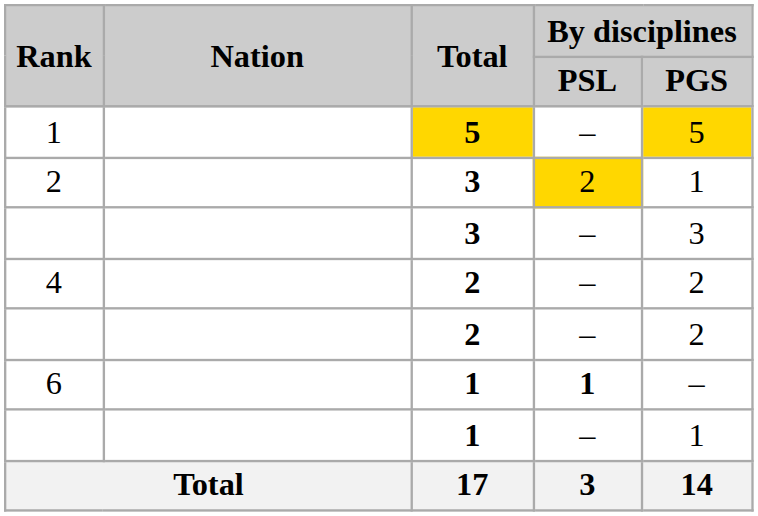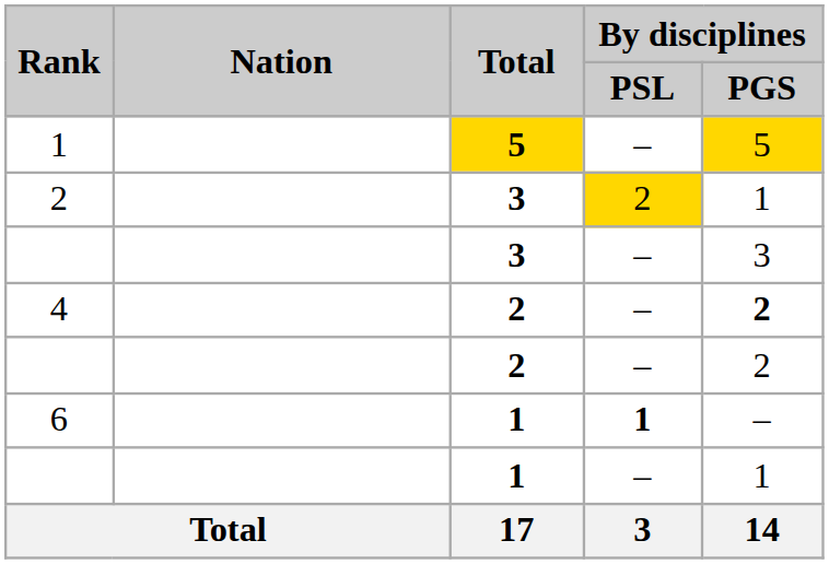 <table class="wikitable plainrowheaders" style="background:#fff; font-size:86%; line-height:15px; border:grey solid 1px; border-collapse:collapse">
 <tr style="background:#ccc; text-align:center;">
 <th style="background-color: #ccc;" width="35" rowspan="2">Rank</th>
 <th style="background-color: #ccc;" width="125" rowspan="2">Nation</th>
 <th style="background-color: #ccc;" rowspan="2 "width="45">Total</th>
 <th style="background-color: #ccc;" colspan="2">By disciplines</th>
 </tr>
 <tr>
 <th style="background-color: #ccc;" width="40">PSL</th>
 <th style="background-color: #ccc;" width="40">PGS</th>
 </tr>
 <tr align=center>
 <td>1</td>
 <td align=left></td>
 <td bgcolor=gold><strong>5</strong></td>
 <td>–</td>
 <td bgcolor=gold>5</td>
 </tr>
 <tr align=center>
 <td>2</td>
 <td align=left></td>
 <td><strong>3</strong></td>
 <td bgcolor=gold>2</td>
 <td>1</td>
 </tr>
 <tr align=center>
 <td></td>
 <td align=left></td>
 <td><strong>3</strong></td>
 <td>–</td>
 <td>3</td>
 </tr>
 <tr align=center>
 <td>4</td>
 <td align=left></td>
 <td><strong>2</strong></td>
 <td>–</td>
-<td>2</td>
+<td><strong>2</strong></td>
 </tr>
 <tr align=center>
 <td></td>
 <td align=left></td>
 <td><strong>2</strong></td>
 <td>–</td>
 <td>2</td>
 </tr>
 <tr align=center>
 <td>6</td>
 <td align=left></td>
 <td><strong>1</strong></td>
 <td><strong>1</strong></td>
 <td>–</td>
 </tr>
 <tr align=center>
 <td></td>
 <td align=left></td>
 <td><strong>1</strong></td>
 <td>–</td>
 <td>1</td>
 </tr>
 <tr>
 <th colspan=2>Total</th>
 <th>17</th>
 <th>3</th>
 <th>14</th>
 </tr>
 </table>
